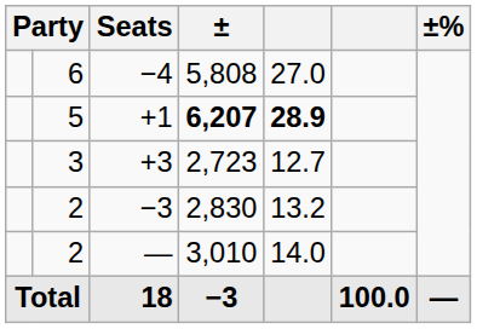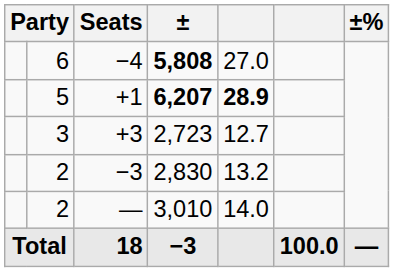 <table class=wikitable>
 <tr>
 <th colspan=2 align=center>Party</th>
 <th>Seats</th>
 <th>±</th>
 <th></th>
 <th></th>
 <th>±%</th>
 </tr>
 <tr>
 <td></td>
 <td align=right>6</td>
 <td align=right>−4</td>
-<td align=right>5,808</td>
+<td align=right><strong>5,808</strong></td>
 <td align=right>27.0</td>
 <td align=right></td>
 </tr>
 <tr>
 <td></td>
 <td align=right>5</td>
 <td align=right>+1</td>
 <td align=right><strong>6,207</strong></td>
 <td align=right><strong>28.9</strong></td>
 <td align=right></td>
 </tr>
 <tr>
 <td></td>
 <td align=right>3</td>
 <td align=right>+3</td>
 <td align=right>2,723</td>
 <td align=right>12.7</td>
 <td align=right></td>
 </tr>
 <tr>
 <td></td>
 <td align=right>2</td>
 <td align=right>−3</td>
 <td align=right>2,830</td>
 <td align=right>13.2</td>
 <td align=right></td>
 </tr>
 <tr>
 <td></td>
 <td align=right>2</td>
 <td align=right>—</td>
 <td align=right>3,010</td>
 <td align=right>14.0</td>
 <td align=right></td>
 </tr>
 <tr style="font-weight:bold; background:rgb(232,232,232);">
 <td colspan=2 align=center>Total</td>
 <td align=right>18</td>
 <td align=center>−3</td>
 <td align=right></td>
 <td align=center>100.0</td>
 <td align=center>—</td>
 </tr>
 </table>
